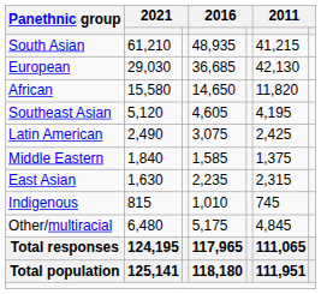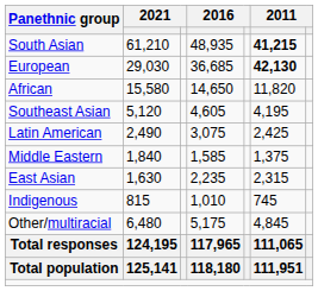 <table class="wikitable collapsible sortable">
 <tr>
 <th rowspan="2"><a href='#'>Panethnic</a> group</th>
 <th colspan="2">2021</th>
 <th colspan="2">2016</th>
 <th colspan="2">2011</th>
 </tr>
 <tr>
 <th><a href='#'></a></th>
 <th></th>
 <th></th>
 <th></th>
 <th></th>
 <th></th>
 </tr>
 <tr>
 <td><a href='#'>South Asian</a></td>
 <td>61,210</td>
 <td></td>
 <td>48,935</td>
 <td></td>
-<td>41,215</td>
+<td><strong>41,215</strong></td>
 <td></td>
 </tr>
 <tr>
 <td><a href='#'>European</a></td>
 <td>29,030</td>
 <td></td>
 <td>36,685</td>
 <td></td>
-<td>42,130</td>
+<td><strong>42,130</strong></td>
 <td></td>
 </tr>
 <tr>
 <td><a href='#'>African</a></td>
 <td>15,580</td>
 <td></td>
 <td>14,650</td>
 <td></td>
 <td>11,820</td>
 <td></td>
 </tr>
 <tr>
 <td><a href='#'>Southeast Asian</a></td>
 <td>5,120</td>
 <td></td>
 <td>4,605</td>
 <td></td>
 <td>4,195</td>
 <td></td>
 </tr>
 <tr>
 <td><a href='#'>Latin American</a></td>
 <td>2,490</td>
 <td></td>
 <td>3,075</td>
 <td></td>
 <td>2,425</td>
 <td></td>
 </tr>
 <tr>
 <td><a href='#'>Middle Eastern</a></td>
 <td>1,840</td>
 <td></td>
 <td>1,585</td>
 <td></td>
 <td>1,375</td>
 <td></td>
 </tr>
 <tr>
 <td><a href='#'>East Asian</a></td>
 <td>1,630</td>
 <td></td>
 <td>2,235</td>
 <td></td>
 <td>2,315</td>
 <td></td>
 </tr>
 <tr>
 <td><a href='#'>Indigenous</a></td>
 <td>815</td>
 <td></td>
 <td>1,010</td>
 <td></td>
 <td>745</td>
 <td></td>
 </tr>
 <tr>
 <td>Other/<a href='#'>multiracial</a></td>
 <td>6,480</td>
 <td></td>
 <td>5,175</td>
 <td></td>
 <td>4,845</td>
 <td></td>
 </tr>
 <tr>
 <th>Total responses</th>
 <th>124,195</th>
 <th></th>
 <th>117,965</th>
 <th></th>
 <th>111,065</th>
 <th></th>
 </tr>
 <tr class="sortbottom">
 <th>Total population</th>
 <th>125,141</th>
 <th></th>
 <th>118,180</th>
 <th></th>
 <th>111,951</th>
 <th></th>
 </tr>
 <tr class="sortbottom">
 <td colspan="15"></td>
 </tr>
 </table>
